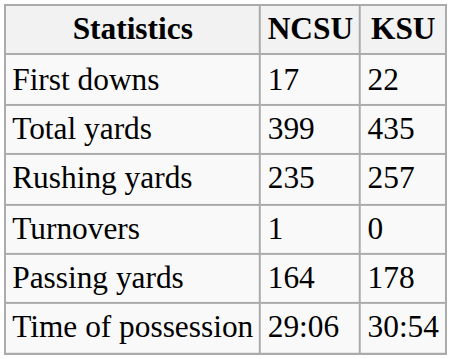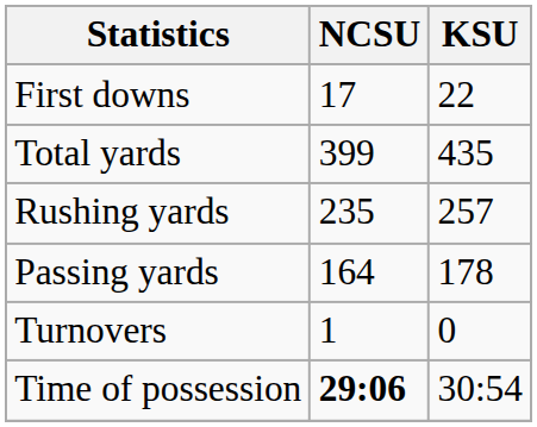 <table class="wikitable">
 <tr>
 <th>Statistics</th>
 <th>NCSU</th>
 <th>KSU</th>
 </tr>
 <tr>
 <td>First downs</td>
 <td>17</td>
 <td>22</td>
 </tr>
 <tr>
 <td>Total yards</td>
 <td>399</td>
 <td>435</td>
 </tr>
 <tr>
 <td>Rushing yards</td>
 <td>235</td>
 <td>257</td>
 </tr>
 <tr>
+<td>Passing yards</td>
+<td>164</td>
+<td>178</td>
+</tr>
+<tr>
 <td>Turnovers</td>
 <td>1</td>
 <td>0</td>
 </tr>
 <tr>
-<td>Passing yards</td>
-<td>164</td>
-<td>178</td>
-</tr>
-<tr>
 <td>Time of possession</td>
-<td>29:06</td>
+<td><strong>29:06</strong></td>
 <td>30:54</td>
 </tr>
 <tr>
 </tr>
 </table>
